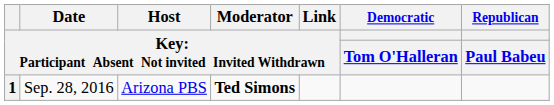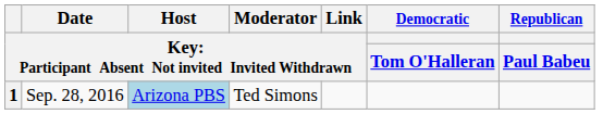 <table class="wikitable" style="text-align:center;">
 <tr>
 <th scope="col"></th>
 <th scope="col">Date</th>
 <th scope="col">Host</th>
 <th scope="col">Moderator</th>
 <th scope="col">Link</th>
 <th scope="col"><small><a href='#'>Democratic</a></small></th>
 <th scope="col"><small><a href='#'>Republican</a></small></th>
 </tr>
 <tr>
 <th colspan="5" rowspan="2">Key:<br> <small>Participant </small>  <small>Absent </small>  <small>Not invited </small>  <small>Invited  Withdrawn</small></th>
 <th scope="col" style="background:"></th>
 <th scope="col" style="background:"></th>
 </tr>
 <tr>
 <th scope="col"><a href='#'>Tom O'Halleran</a></th>
 <th scope="col"><a href='#'>Paul Babeu</a></th>
 </tr>
 <tr>
 <th>1</th>
 <td style="white-space:nowrap;">Sep. 28, 2016</td>
-<td style="white-space:nowrap;"><a href='#'>Arizona PBS</a></td>
-<td style="white-space:nowrap;"><strong>Ted Simons</strong></td>
+<td style="background: lightblue; white-space:nowrap;"><a href='#'>Arizona PBS</a></td>
+<td style="white-space:nowrap;">Ted Simons</td>
 <td style="white-space:nowrap;"></td>
 <td></td>
 <td></td>
 </tr>
 </table>
